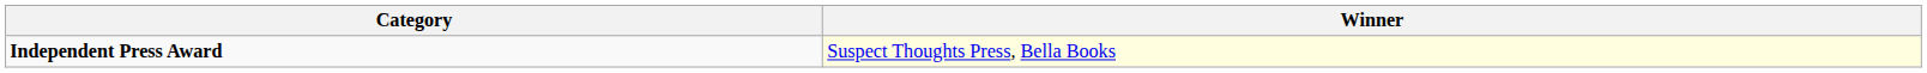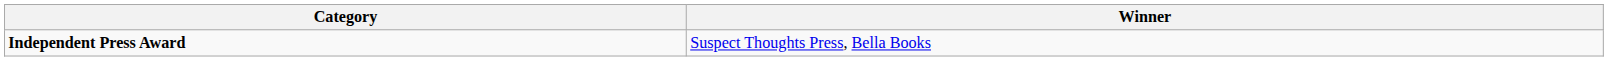 <table class="wikitable" width="100%">
 <tr>
 <th>Category</th>
 <th>Winner</th>
 </tr>
 <tr>
 <td><strong>Independent Press Award</strong></td>
-<td style="background: lightyellow;"><a href='#'>Suspect Thoughts Press</a>, <a href='#'>Bella Books</a></td>
+<td><a href='#'>Suspect Thoughts Press</a>, <a href='#'>Bella Books</a></td>
 </tr>
 </table>
